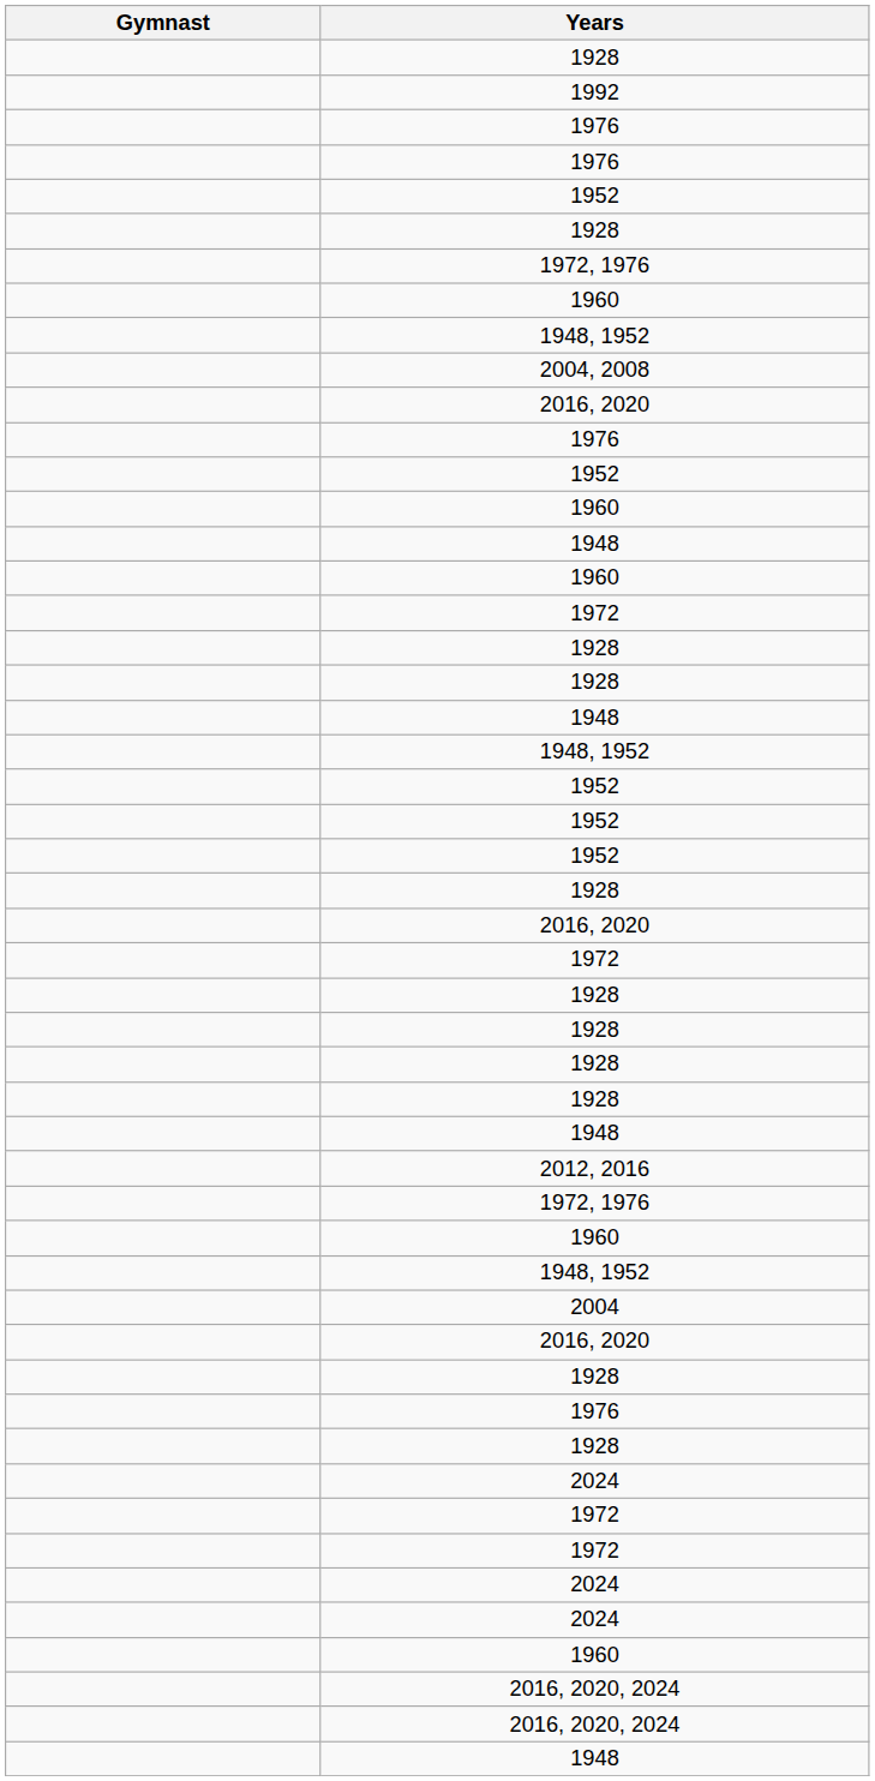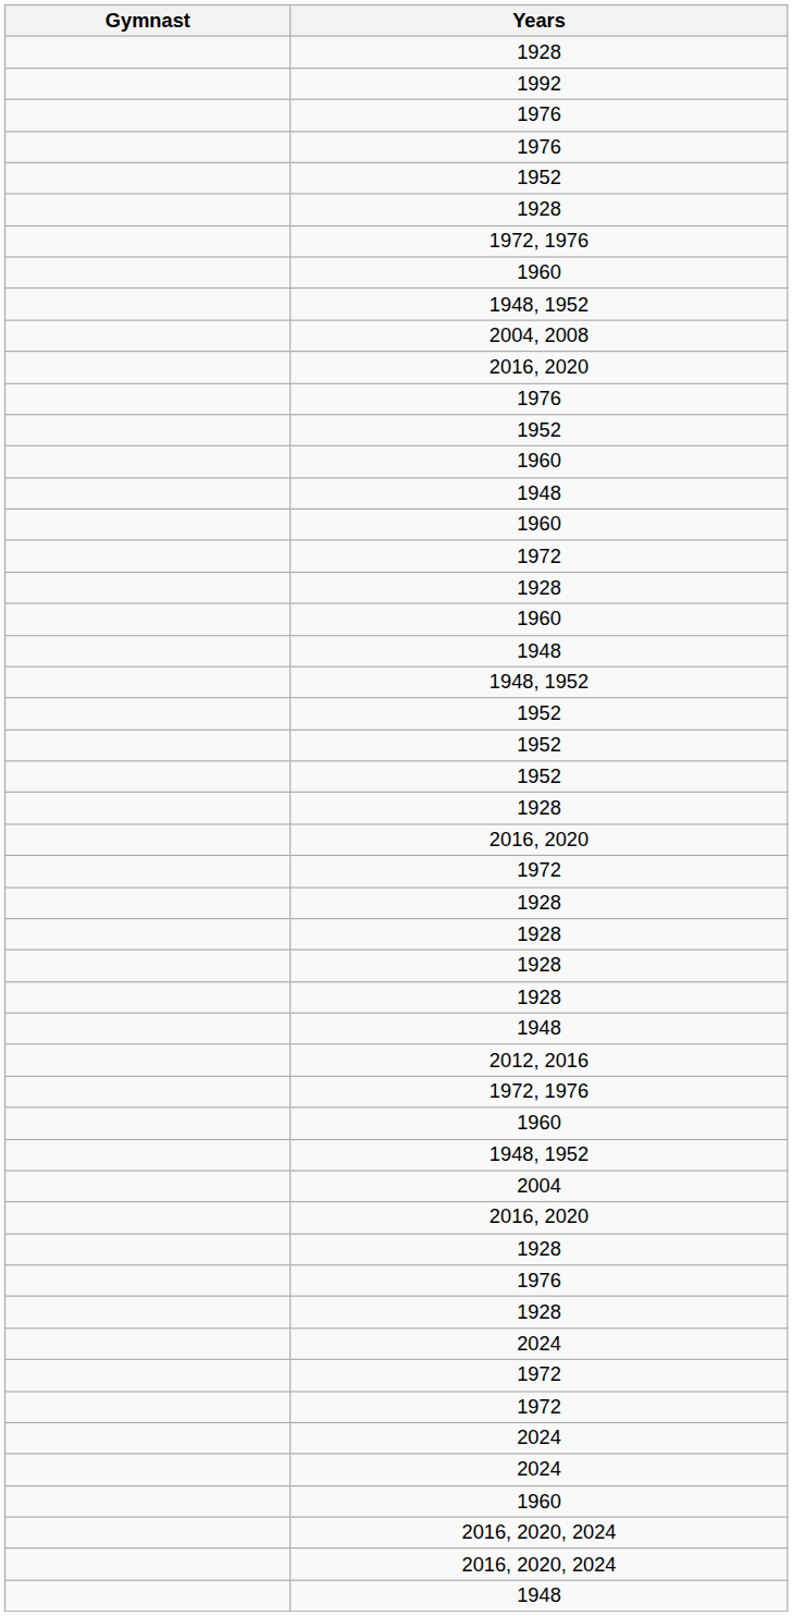 <table class="wikitable sortable" width=50% style="text-align:center;">
 <tr>
 <th>Gymnast</th>
 <th>Years</th>
 </tr>
 <tr>
 <td></td>
 <td>1928</td>
 </tr>
 <tr>
 <td></td>
 <td>1992</td>
 </tr>
 <tr>
 <td></td>
 <td>1976</td>
 </tr>
 <tr>
 <td></td>
 <td>1976</td>
 </tr>
 <tr>
 <td></td>
 <td>1952</td>
 </tr>
 <tr>
 <td></td>
 <td>1928</td>
 </tr>
 <tr>
 <td></td>
 <td>1972, 1976</td>
 </tr>
 <tr>
 <td></td>
 <td>1960</td>
 </tr>
 <tr>
 <td></td>
 <td>1948, 1952</td>
 </tr>
 <tr>
 <td></td>
 <td>2004, 2008</td>
 </tr>
 <tr>
 <td></td>
 <td>2016, 2020</td>
 </tr>
 <tr>
 <td></td>
 <td>1976</td>
 </tr>
 <tr>
 <td></td>
 <td>1952</td>
 </tr>
 <tr>
 <td></td>
 <td>1960</td>
 </tr>
 <tr>
 <td></td>
 <td>1948</td>
 </tr>
 <tr>
 <td></td>
 <td>1960</td>
 </tr>
 <tr>
 <td></td>
 <td>1972</td>
 </tr>
 <tr>
 <td></td>
 <td>1928</td>
 </tr>
 <tr>
 <td></td>
-<td>1928</td>
+<td>1960</td>
 </tr>
 <tr>
 <td></td>
 <td>1948</td>
 </tr>
 <tr>
 <td></td>
 <td>1948, 1952</td>
 </tr>
 <tr>
 <td></td>
 <td>1952</td>
 </tr>
 <tr>
 <td></td>
 <td>1952</td>
 </tr>
 <tr>
 <td></td>
 <td>1952</td>
 </tr>
 <tr>
 <td></td>
 <td>1928</td>
 </tr>
 <tr>
 <td></td>
 <td>2016, 2020</td>
 </tr>
 <tr>
 <td></td>
 <td>1972</td>
 </tr>
 <tr>
 <td></td>
 <td>1928</td>
 </tr>
 <tr>
 <td></td>
 <td>1928</td>
 </tr>
 <tr>
 <td></td>
 <td>1928</td>
 </tr>
 <tr>
 <td></td>
 <td>1928</td>
 </tr>
 <tr>
 <td></td>
 <td>1948</td>
 </tr>
 <tr>
 <td></td>
 <td>2012, 2016</td>
 </tr>
 <tr>
 <td></td>
 <td>1972, 1976</td>
 </tr>
 <tr>
 <td></td>
 <td>1960</td>
 </tr>
 <tr>
 <td></td>
 <td>1948, 1952</td>
 </tr>
 <tr>
 <td></td>
 <td>2004</td>
 </tr>
 <tr>
 <td></td>
 <td>2016, 2020</td>
 </tr>
 <tr>
 <td></td>
 <td>1928</td>
 </tr>
 <tr>
 <td></td>
 <td>1976</td>
 </tr>
 <tr>
 <td></td>
 <td>1928</td>
 </tr>
 <tr>
 <td></td>
 <td>2024</td>
 </tr>
 <tr>
 <td></td>
 <td>1972</td>
 </tr>
 <tr>
 <td></td>
 <td>1972</td>
 </tr>
 <tr>
 <td></td>
 <td>2024</td>
 </tr>
 <tr>
 <td></td>
 <td>2024</td>
 </tr>
 <tr>
 <td></td>
 <td>1960</td>
 </tr>
 <tr>
 <td></td>
 <td>2016, 2020, 2024</td>
 </tr>
 <tr>
 <td></td>
 <td>2016, 2020, 2024</td>
 </tr>
 <tr>
 <td></td>
 <td>1948</td>
 </tr>
 </table>
